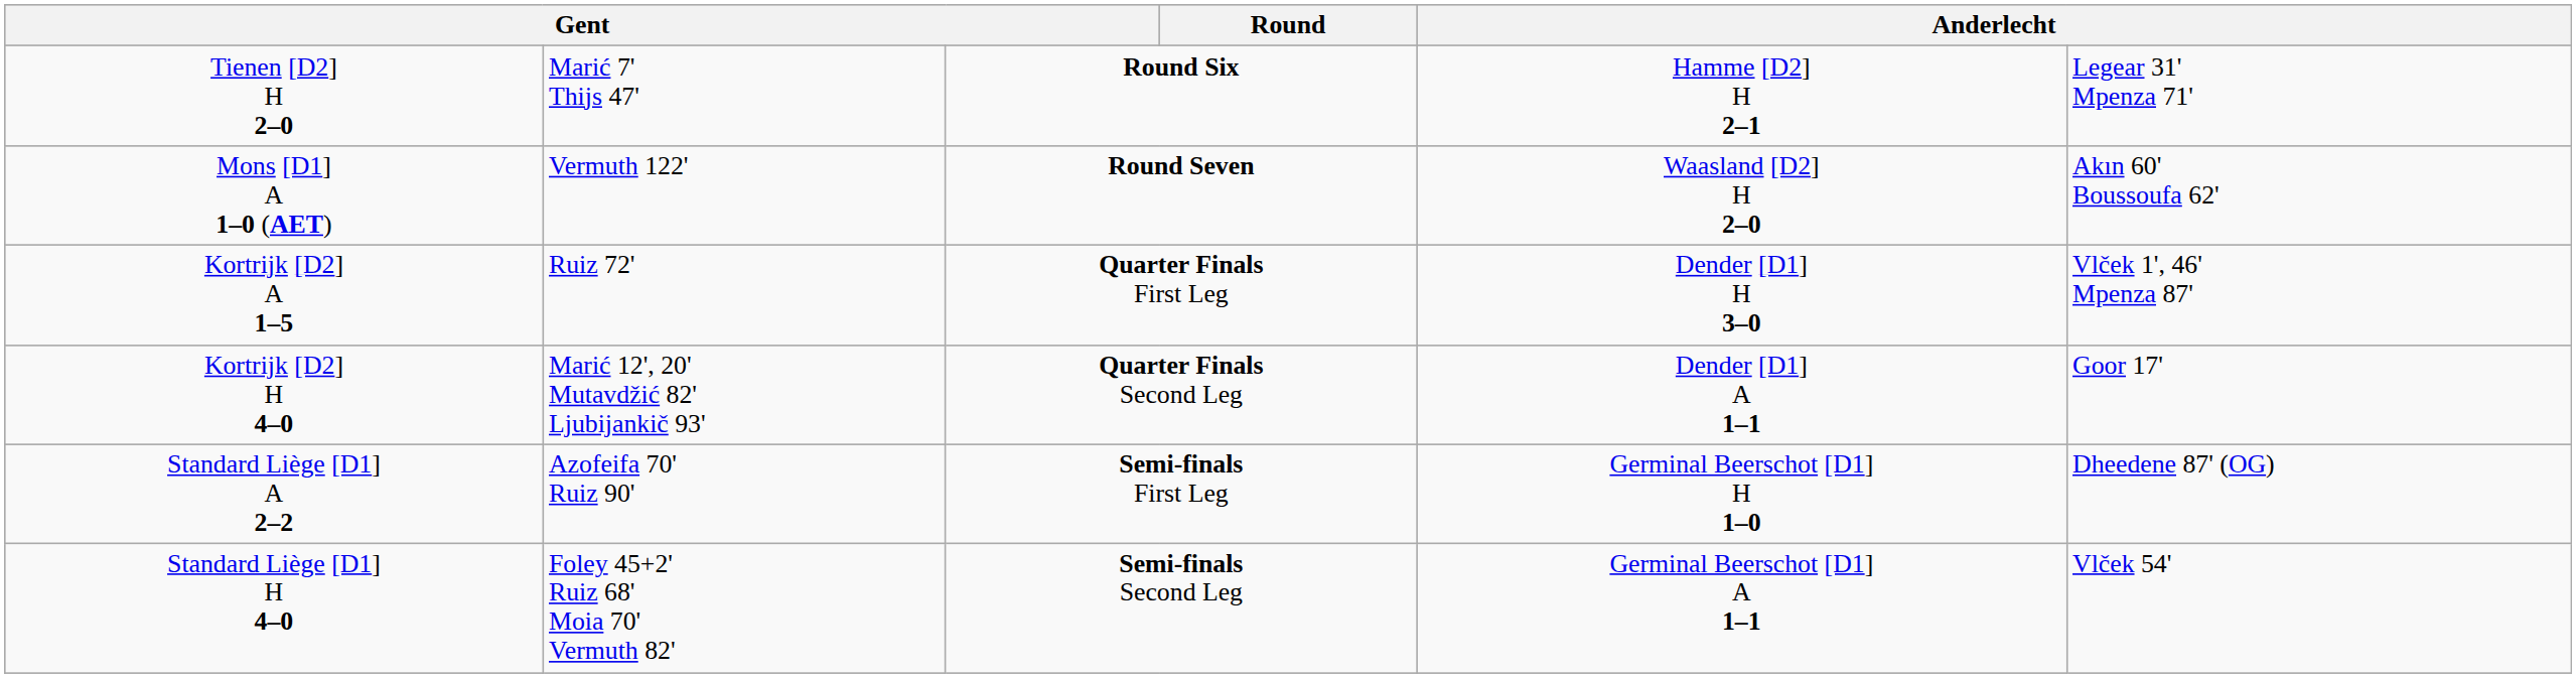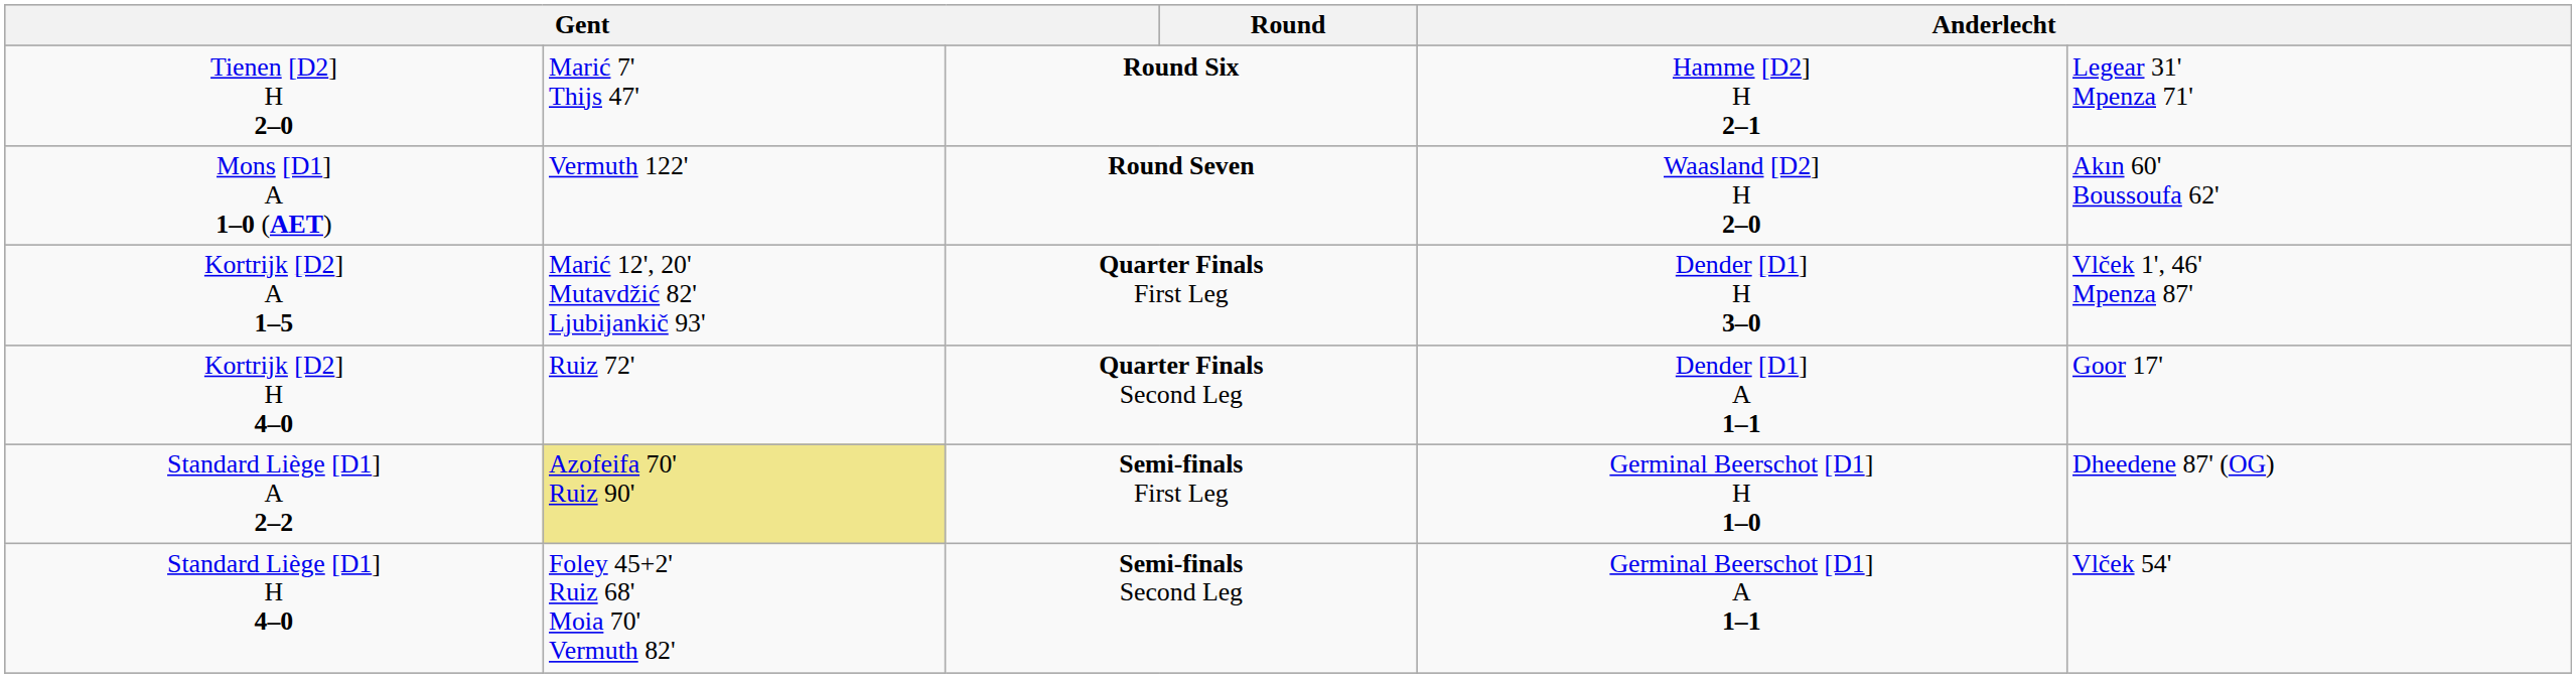 <table width=100% border=0 class=wikitable>
 <tr valign=top>
 <th colspan=3 width=45%>Gent</th>
 <th width=10%>Round</th>
 <th colspan=3 width=45%>Anderlecht</th>
 </tr>
 <tr valign=top align=center>
 <td><a href='#'>Tienen</a> <a href='#'>[D2</a>]<br>H<br><strong>2–0</strong></td>
 <td align=left><a href='#'>Marić</a> 7' <br><a href='#'>Thijs</a> 47'</td>
 <td colspan=2><strong>Round Six</strong></td>
 <td><a href='#'>Hamme</a> <a href='#'>[D2</a>]<br>H<br><strong>2–1</strong></td>
 <td align=left><a href='#'>Legear</a> 31'<br><a href='#'>Mpenza</a> 71'</td>
 </tr>
 <tr valign=top align=center>
 <td><a href='#'>Mons</a> <a href='#'>[D1</a>]<br>A<br><strong>1–0</strong> (<strong><a href='#'>AET</a></strong>)</td>
 <td align=left><a href='#'>Vermuth</a> 122'</td>
 <td colspan=2><strong>Round Seven</strong></td>
 <td><a href='#'>Waasland</a> <a href='#'>[D2</a>]<br>H<br><strong>2–0</strong></td>
 <td align=left><a href='#'>Akın</a> 60'<br><a href='#'>Boussoufa</a> 62'</td>
 </tr>
 <tr valign=top align=center>
 <td><a href='#'>Kortrijk</a> <a href='#'>[D2</a>]<br>A<br><strong>1–5</strong></td>
-<td align=left><a href='#'>Ruiz</a> 72'</td>
+<td align=left><a href='#'>Marić</a> 12', 20' <br><a href='#'>Mutavdžić</a> 82' <br><a href='#'>Ljubijankič</a> 93'</td>
 <td colspan=2><strong>Quarter Finals</strong><br>First Leg</td>
 <td><a href='#'>Dender</a> <a href='#'>[D1</a>]<br>H<br><strong>3–0</strong></td>
 <td align=left><a href='#'>Vlček</a> 1', 46'<br><a href='#'>Mpenza</a> 87'</td>
 </tr>
 <tr valign=top align=center>
 <td><a href='#'>Kortrijk</a> <a href='#'>[D2</a>]<br>H<br><strong>4–0</strong></td>
-<td align=left><a href='#'>Marić</a> 12', 20' <br><a href='#'>Mutavdžić</a> 82' <br><a href='#'>Ljubijankič</a> 93'</td>
+<td align=left><a href='#'>Ruiz</a> 72'</td>
 <td colspan=2><strong>Quarter Finals</strong><br>Second Leg</td>
 <td><a href='#'>Dender</a> <a href='#'>[D1</a>]<br>A<br><strong>1–1</strong></td>
 <td align=left><a href='#'>Goor</a> 17'</td>
 </tr>
 <tr valign=top align=center>
 <td><a href='#'>Standard Liège</a> <a href='#'>[D1</a>]<br>A<br><strong>2–2</strong></td>
-<td align=left><a href='#'>Azofeifa</a> 70'<br><a href='#'>Ruiz</a> 90'</td>
+<td align=left style="background: khaki;"><a href='#'>Azofeifa</a> 70'<br><a href='#'>Ruiz</a> 90'</td>
 <td colspan=2><strong>Semi-finals</strong><br>First Leg</td>
 <td><a href='#'>Germinal Beerschot</a> <a href='#'>[D1</a>]<br>H<br><strong>1–0</strong></td>
 <td align=left><a href='#'>Dheedene</a> 87' (<a href='#'>OG</a>)</td>
 </tr>
 <tr valign=top align=center>
 <td><a href='#'>Standard Liège</a> <a href='#'>[D1</a>]<br>H<br><strong>4–0</strong></td>
 <td align=left><a href='#'>Foley</a> 45+2' <br><a href='#'>Ruiz</a> 68' <br><a href='#'>Moia</a> 70'<br><a href='#'>Vermuth</a> 82'</td>
 <td colspan=2><strong>Semi-finals</strong><br>Second Leg</td>
 <td><a href='#'>Germinal Beerschot</a> <a href='#'>[D1</a>]<br>A<br><strong>1–1</strong></td>
 <td align=left><a href='#'>Vlček</a> 54'</td>
 </tr>
 </table>
